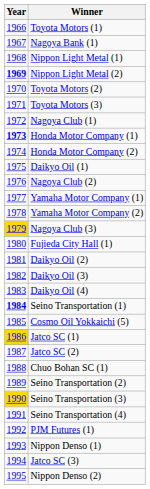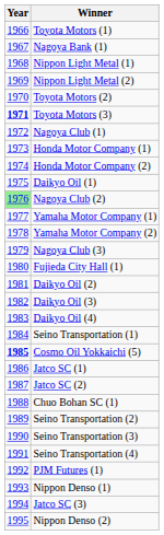 <table class="wikitable">
 <tr>
 <th>Year</th>
 <th>Winner</th>
 </tr>
 <tr>
 <td><a href='#'>1966</a></td>
 <td><a href='#'>Toyota Motors</a> (1)</td>
 </tr>
 <tr>
 <td><a href='#'>1967</a></td>
 <td><a href='#'>Nagoya Bank</a> (1)</td>
 </tr>
 <tr>
 <td><a href='#'>1968</a></td>
 <td><a href='#'>Nippon Light Metal</a> (1)</td>
 </tr>
 <tr>
-<td><strong><a href='#'>1969</a></strong></td>
+<td><a href='#'>1969</a></td>
 <td><a href='#'>Nippon Light Metal</a> (2)</td>
 </tr>
 <tr>
 <td><a href='#'>1970</a></td>
 <td><a href='#'>Toyota Motors</a> (2)</td>
 </tr>
 <tr>
-<td><a href='#'>1971</a></td>
+<td><strong><a href='#'>1971</a></strong></td>
 <td><a href='#'>Toyota Motors</a> (3)</td>
 </tr>
 <tr>
 <td><a href='#'>1972</a></td>
 <td><a href='#'>Nagoya Club</a> (1)</td>
 </tr>
 <tr>
-<td><strong><a href='#'>1973</a></strong></td>
+<td><a href='#'>1973</a></td>
 <td><a href='#'>Honda Motor Company</a> (1)</td>
 </tr>
 <tr>
 <td><a href='#'>1974</a></td>
 <td><a href='#'>Honda Motor Company</a>  (2)</td>
 </tr>
 <tr>
 <td><a href='#'>1975</a></td>
 <td><a href='#'>Daikyo Oil</a> (1)</td>
 </tr>
 <tr>
-<td><a href='#'>1976</a></td>
+<td style="background: lightgreen;"><a href='#'>1976</a></td>
 <td><a href='#'>Nagoya Club</a> (2)</td>
 </tr>
 <tr>
 <td><a href='#'>1977</a></td>
 <td><a href='#'>Yamaha Motor Company</a> (1)</td>
 </tr>
 <tr>
 <td><a href='#'>1978</a></td>
 <td><a href='#'>Yamaha Motor Company</a> (2)</td>
 </tr>
 <tr>
-<td style="background: gold;"><a href='#'>1979</a></td>
+<td><a href='#'>1979</a></td>
 <td><a href='#'>Nagoya Club</a> (3)</td>
 </tr>
 <tr>
 <td><a href='#'>1980</a></td>
 <td><a href='#'>Fujieda City Hall</a> (1)</td>
 </tr>
 <tr>
 <td><a href='#'>1981</a></td>
 <td><a href='#'>Daikyo Oil</a> (2)</td>
 </tr>
 <tr>
 <td><a href='#'>1982</a></td>
 <td><a href='#'>Daikyo Oil</a> (3)</td>
 </tr>
 <tr>
 <td><a href='#'>1983</a></td>
 <td><a href='#'>Daikyo Oil</a> (4)</td>
 </tr>
 <tr>
-<td><strong><a href='#'>1984</a></strong></td>
+<td><a href='#'>1984</a></td>
 <td>Seino Transportation (1)</td>
 </tr>
 <tr>
-<td><a href='#'>1985</a></td>
+<td><strong><a href='#'>1985</a></strong></td>
 <td><a href='#'>Cosmo Oil Yokkaichi</a> (5)</td>
 </tr>
 <tr>
-<td style="background: gold;"><a href='#'>1986</a></td>
+<td><a href='#'>1986</a></td>
 <td><a href='#'>Jatco SC</a> (1)</td>
 </tr>
 <tr>
 <td><a href='#'>1987</a></td>
 <td><a href='#'>Jatco SC</a> (2)</td>
 </tr>
 <tr>
 <td><a href='#'>1988</a></td>
 <td>Chuo Bohan SC (1)</td>
 </tr>
 <tr>
 <td><a href='#'>1989</a></td>
 <td>Seino Transportation (2)</td>
 </tr>
 <tr>
-<td style="background: gold;"><a href='#'>1990</a></td>
+<td><a href='#'>1990</a></td>
 <td>Seino Transportation (3)</td>
 </tr>
 <tr>
 <td><a href='#'>1991</a></td>
 <td>Seino Transportation (4)</td>
 </tr>
 <tr>
 <td><a href='#'>1992</a></td>
 <td><a href='#'>PJM Futures</a> (1)</td>
 </tr>
 <tr>
 <td><a href='#'>1993</a></td>
 <td>Nippon Denso (1)</td>
 </tr>
 <tr>
 <td><a href='#'>1994</a></td>
 <td><a href='#'>Jatco SC</a> (3)</td>
 </tr>
 <tr>
 <td><a href='#'>1995</a></td>
 <td>Nippon Denso (2)</td>
 </tr>
 </table>
